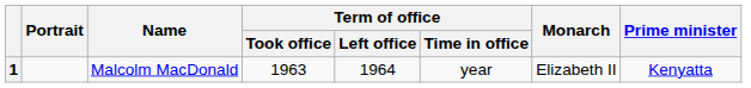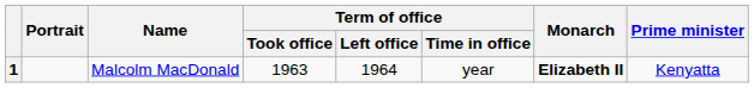 <table class="wikitable" style="font-size:100%;text-align:center">
 <tr>
 <th rowspan="2"></th>
 <th rowspan="2">Portrait</th>
 <th rowspan="2">Name<br></th>
 <th colspan="3">Term of office</th>
 <th rowspan="2">Monarch</th>
 <th rowspan="2"><a href='#'>Prime minister</a></th>
 </tr>
 <tr>
 <th>Took office</th>
 <th>Left office</th>
 <th>Time in office</th>
 </tr>
 <tr>
 <th>1</th>
 <td></td>
 <td><a href='#'>Malcolm MacDonald</a><br></td>
 <td> 1963</td>
 <td> 1964</td>
 <td> year</td>
-<td>Elizabeth II</td>
+<td><strong>Elizabeth II</strong></td>
 <td><a href='#'>Kenyatta</a></td>
 </tr>
 </table>
